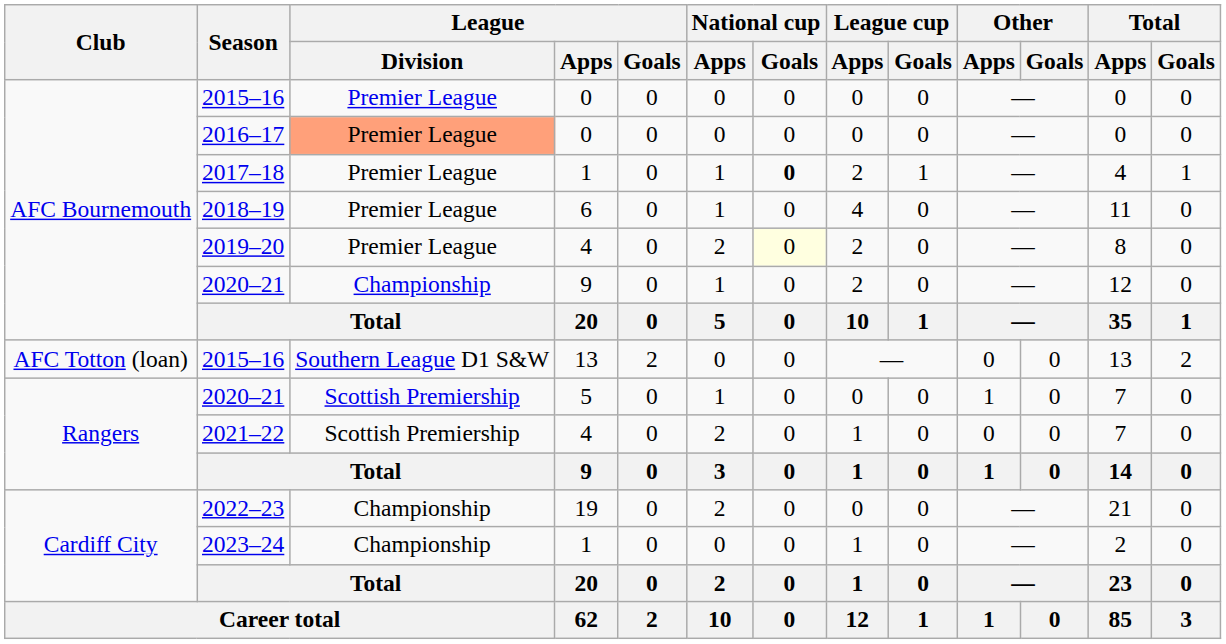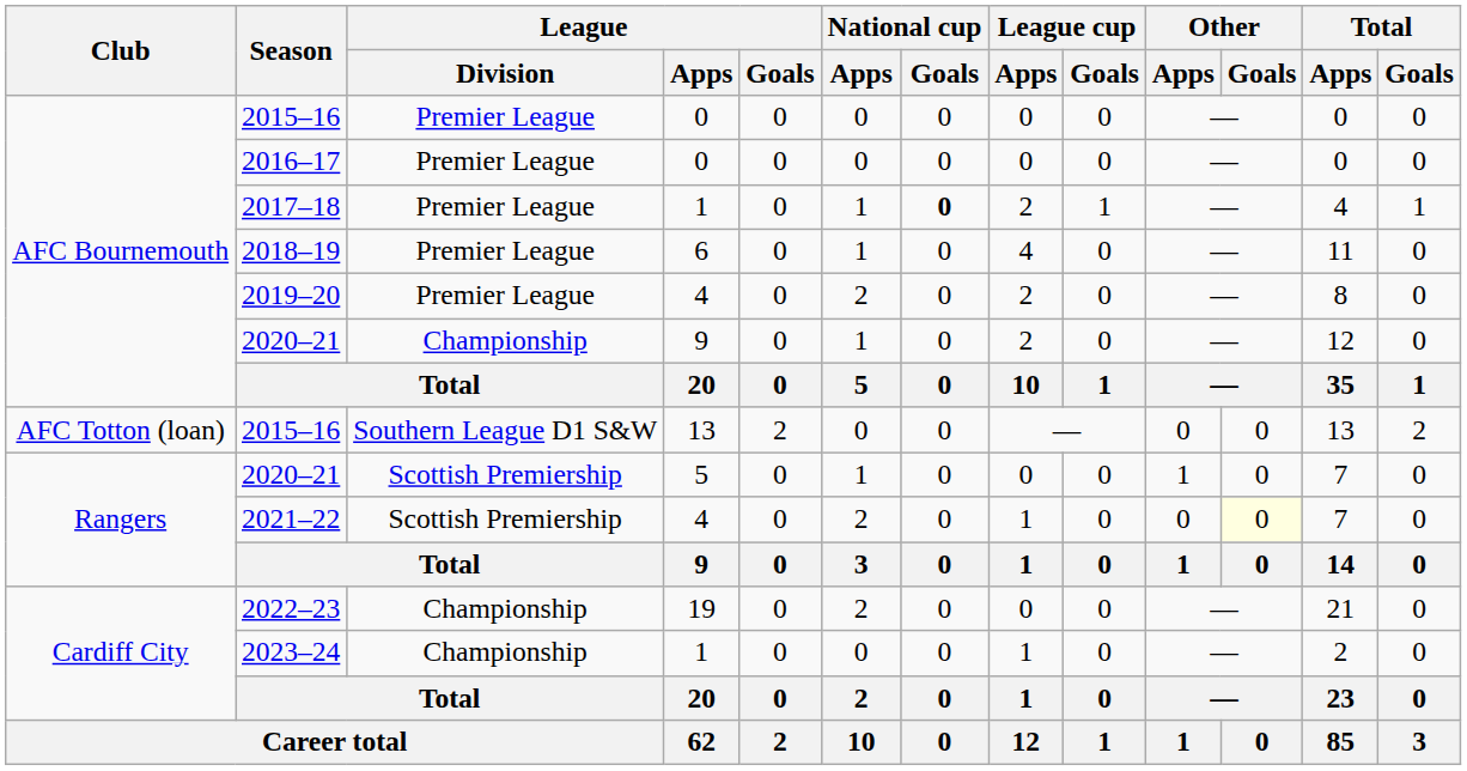 <table class="wikitable" style="text-align: center">
 <tr>
 <th rowspan="2">Club</th>
 <th rowspan="2">Season</th>
 <th colspan="3">League</th>
 <th colspan="2">National cup</th>
 <th colspan="2">League cup</th>
 <th colspan="2">Other</th>
 <th colspan="2">Total</th>
 </tr>
 <tr>
 <th>Division</th>
 <th>Apps</th>
 <th>Goals</th>
 <th>Apps</th>
 <th>Goals</th>
 <th>Apps</th>
 <th>Goals</th>
 <th>Apps</th>
 <th>Goals</th>
 <th>Apps</th>
 <th>Goals</th>
 </tr>
 <tr>
 <td rowspan="7"><a href='#'>AFC Bournemouth</a></td>
 <td><a href='#'>2015–16</a></td>
 <td><a href='#'>Premier League</a></td>
 <td>0</td>
 <td>0</td>
 <td>0</td>
 <td>0</td>
 <td>0</td>
 <td>0</td>
 <td colspan="2">—</td>
 <td>0</td>
 <td>0</td>
 </tr>
 <tr>
 <td><a href='#'>2016–17</a></td>
-<td style="background: lightsalmon;">Premier League</td>
+<td>Premier League</td>
 <td>0</td>
 <td>0</td>
 <td>0</td>
 <td>0</td>
 <td>0</td>
 <td>0</td>
 <td colspan="2">—</td>
 <td>0</td>
 <td>0</td>
 </tr>
 <tr>
 <td><a href='#'>2017–18</a></td>
 <td>Premier League</td>
 <td>1</td>
 <td>0</td>
 <td>1</td>
 <td><strong>0</strong></td>
 <td>2</td>
 <td>1</td>
 <td colspan="2">—</td>
 <td>4</td>
 <td>1</td>
 </tr>
 <tr>
 <td><a href='#'>2018–19</a></td>
 <td>Premier League</td>
 <td>6</td>
 <td>0</td>
 <td>1</td>
 <td>0</td>
 <td>4</td>
 <td>0</td>
 <td colspan="2">—</td>
 <td>11</td>
 <td>0</td>
 </tr>
 <tr>
 <td><a href='#'>2019–20</a></td>
 <td>Premier League</td>
 <td>4</td>
 <td>0</td>
 <td>2</td>
-<td style="background: lightyellow;">0</td>
+<td>0</td>
 <td>2</td>
 <td>0</td>
 <td colspan="2">—</td>
 <td>8</td>
 <td>0</td>
 </tr>
 <tr>
 <td><a href='#'>2020–21</a></td>
 <td><a href='#'>Championship</a></td>
 <td>9</td>
 <td>0</td>
 <td>1</td>
 <td>0</td>
 <td>2</td>
 <td>0</td>
 <td colspan="2">—</td>
 <td>12</td>
 <td>0</td>
 </tr>
 <tr>
 <th colspan=2>Total</th>
 <th>20</th>
 <th>0</th>
 <th>5</th>
 <th>0</th>
 <th>10</th>
 <th>1</th>
 <th colspan="2">—</th>
 <th>35</th>
 <th>1</th>
 </tr>
 <tr>
 <td><a href='#'>AFC Totton</a> (loan)</td>
 <td><a href='#'>2015–16</a></td>
 <td><a href='#'>Southern League</a> D1 S&W</td>
 <td>13</td>
 <td>2</td>
 <td>0</td>
 <td>0</td>
 <td colspan="2">—</td>
 <td>0</td>
 <td>0</td>
 <td>13</td>
 <td>2</td>
 </tr>
 <tr>
 <td rowspan="3"><a href='#'>Rangers</a></td>
 <td><a href='#'>2020–21</a></td>
 <td><a href='#'>Scottish Premiership</a></td>
 <td>5</td>
 <td>0</td>
 <td>1</td>
 <td>0</td>
 <td>0</td>
 <td>0</td>
 <td>1</td>
 <td>0</td>
 <td>7</td>
 <td>0</td>
 </tr>
 <tr>
 <td><a href='#'>2021–22</a></td>
 <td>Scottish Premiership</td>
 <td>4</td>
 <td>0</td>
 <td>2</td>
 <td>0</td>
 <td>1</td>
 <td>0</td>
 <td>0</td>
-<td>0</td>
+<td style="background: lightyellow;">0</td>
 <td>7</td>
 <td>0</td>
 </tr>
 <tr>
 <th colspan=2>Total</th>
 <th>9</th>
 <th>0</th>
 <th>3</th>
 <th>0</th>
 <th>1</th>
 <th>0</th>
 <th>1</th>
 <th>0</th>
 <th>14</th>
 <th>0</th>
 </tr>
 <tr>
 <td rowspan="3"><a href='#'>Cardiff City</a></td>
 <td><a href='#'>2022–23</a></td>
 <td>Championship</td>
 <td>19</td>
 <td>0</td>
 <td>2</td>
 <td>0</td>
 <td>0</td>
 <td>0</td>
 <td colspan="2">—</td>
 <td>21</td>
 <td>0</td>
 </tr>
 <tr>
 <td><a href='#'>2023–24</a></td>
 <td>Championship</td>
 <td>1</td>
 <td>0</td>
 <td>0</td>
 <td>0</td>
 <td>1</td>
 <td>0</td>
 <td colspan="2">—</td>
 <td>2</td>
 <td>0</td>
 </tr>
 <tr>
 <th colspan="2">Total</th>
 <th>20</th>
 <th>0</th>
 <th>2</th>
 <th>0</th>
 <th>1</th>
 <th>0</th>
 <th colspan="2">—</th>
 <th>23</th>
 <th>0</th>
 </tr>
 <tr>
 <th colspan="3">Career total</th>
 <th>62</th>
 <th>2</th>
 <th>10</th>
 <th>0</th>
 <th>12</th>
 <th>1</th>
 <th>1</th>
 <th>0</th>
 <th>85</th>
 <th>3</th>
 </tr>
 </table>
